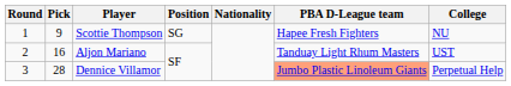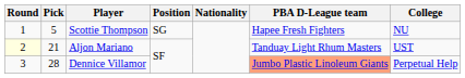 <table class="wikitable sortable sortable">
 <tr>
 <th>Round</th>
 <th>Pick</th>
 <th>Player</th>
 <th>Position</th>
 <th>Nationality</th>
 <th>PBA D-League team</th>
 <th>College</th>
 </tr>
 <tr>
 <td align=center>1</td>
-<td align=center>9</td>
+<td align=center>5</td>
 <td><a href='#'>Scottie Thompson</a></td>
 <td>SG</td>
 <td rowspan=3></td>
 <td><a href='#'>Hapee Fresh Fighters</a></td>
 <td><a href='#'>NU</a></td>
 </tr>
 <tr>
-<td align=center>2</td>
-<td align=center>16</td>
+<td align=center style="background: lightyellow;">2</td>
+<td align=center>21</td>
 <td><a href='#'>Aljon Mariano</a></td>
 <td rowspan=2>SF</td>
 <td><a href='#'>Tanduay Light Rhum Masters</a></td>
 <td><a href='#'>UST</a></td>
 </tr>
 <tr>
 <td align=center>3</td>
 <td align=center>28</td>
 <td><a href='#'>Dennice Villamor</a></td>
 <td style="background: lightsalmon;"><a href='#'>Jumbo Plastic Linoleum Giants</a></td>
 <td><a href='#'>Perpetual Help</a></td>
 </tr>
 </table>
